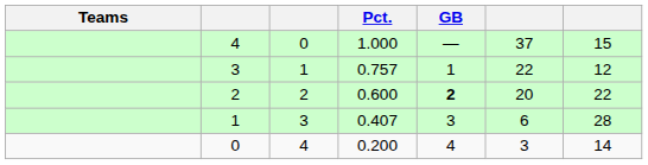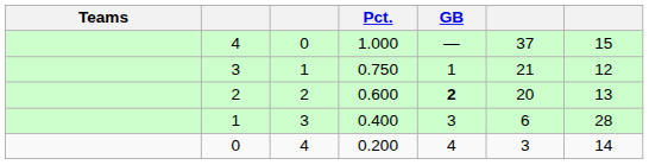 <table class="wikitable" width="50%" style="text-align:center;">
 <tr>
 <th width="20%">Teams</th>
 <th width="7%"></th>
 <th width="7%"></th>
 <th width="8%"><a href='#'>Pct.</a></th>
 <th width="7%"><a href='#'>GB</a></th>
 <th width="8%"></th>
 <th width="8%"></th>
 </tr>
 <tr bgcolor=ccffcc>
 <td align=left></td>
 <td>4</td>
 <td>0</td>
 <td>1.000</td>
 <td>—</td>
 <td>37</td>
 <td>15</td>
 </tr>
 <tr bgcolor=ccffcc>
 <td align=left></td>
 <td>3</td>
 <td>1</td>
-<td>0.757</td>
+<td>0.750</td>
 <td>1</td>
-<td>22</td>
+<td>21</td>
 <td>12</td>
 </tr>
 <tr bgcolor=ccffcc>
 <td align=left></td>
 <td>2</td>
 <td>2</td>
 <td>0.600</td>
 <td><strong>2</strong></td>
 <td>20</td>
-<td>22</td>
+<td>13</td>
 </tr>
 <tr bgcolor=ccffcc>
 <td align=left></td>
 <td>1</td>
 <td>3</td>
-<td>0.407</td>
+<td>0.400</td>
 <td>3</td>
 <td>6</td>
 <td>28</td>
 </tr>
 <tr bgcolor=>
 <td align=left></td>
 <td>0</td>
 <td>4</td>
 <td>0.200</td>
 <td>4</td>
 <td>3</td>
 <td>14</td>
 </tr>
 </table>
